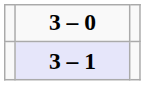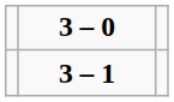 <table class="wikitable" style="text-align:center">
 <tr>
 <td align="left"></td>
 <td width="70px"><strong>3 – 0</strong></td>
 <td align="left"></td>
 </tr>
 <tr>
 <td align="left"></td>
-<td width="70px" style="background: lavender;"><strong>3 – 1</strong></td>
+<td width="70px"><strong>3 – 1</strong></td>
 <td align="left"></td>
 </tr>
 </table>
